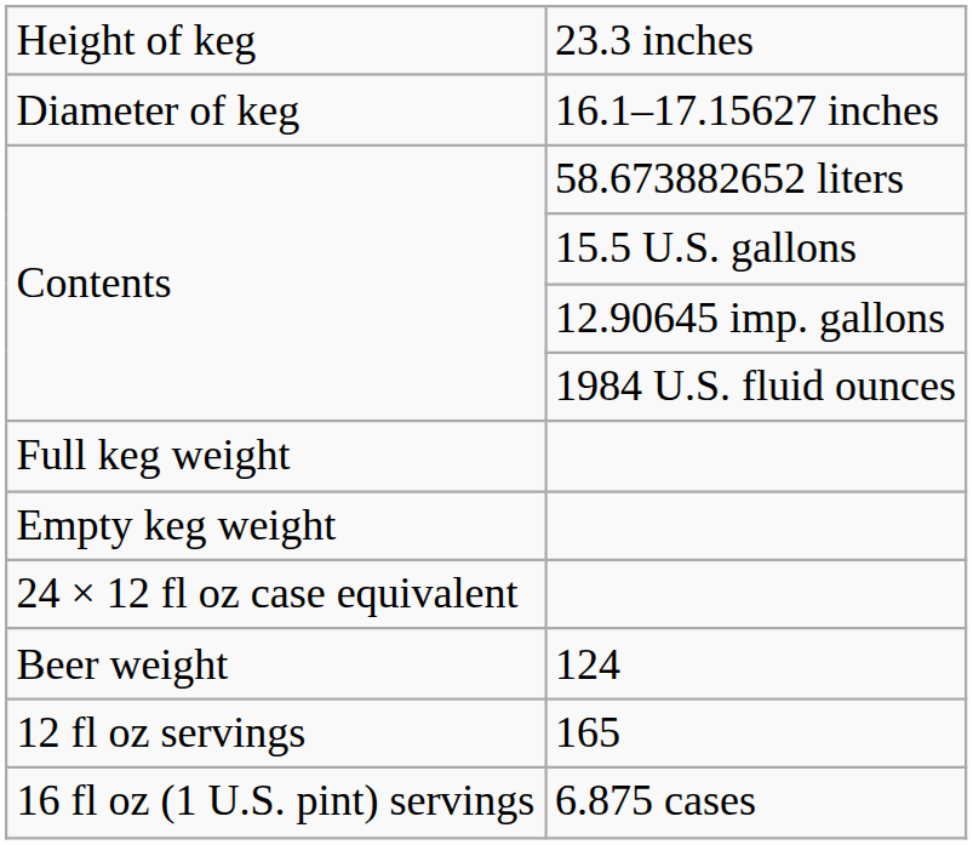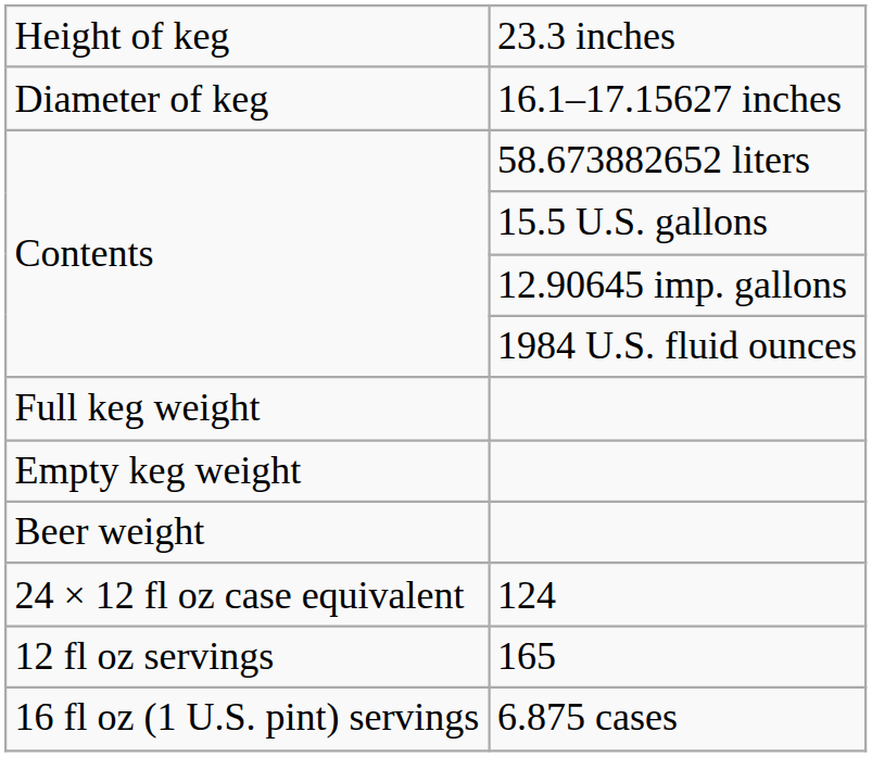 <table class="wikitable">
 <tr>
 <td>Height of keg</td>
 <td>23.3 inches</td>
 </tr>
 <tr>
 <td>Diameter of keg</td>
 <td>16.1–17.15627 inches</td>
 </tr>
 <tr>
 <td rowspan="4">Contents</td>
 <td>58.673882652 liters</td>
 </tr>
 <tr>
 <td>15.5 U.S. gallons</td>
 </tr>
 <tr>
 <td>12.90645 imp. gallons</td>
 </tr>
 <tr>
 <td>1984 U.S. fluid ounces</td>
 </tr>
 <tr>
 <td>Full keg weight</td>
 <td></td>
 </tr>
 <tr>
 <td>Empty keg weight</td>
 <td></td>
 </tr>
 <tr>
-<td>24 × 12 fl oz case equivalent</td>
+<td>Beer weight</td>
 <td></td>
 </tr>
 <tr>
-<td>Beer weight</td>
+<td>24 × 12 fl oz case equivalent</td>
 <td>124</td>
 </tr>
 <tr>
 <td>12 fl oz servings</td>
 <td>165</td>
 </tr>
 <tr>
 <td>16 fl oz (1 U.S. pint) servings</td>
 <td>6.875 cases</td>
 </tr>
 </table>
